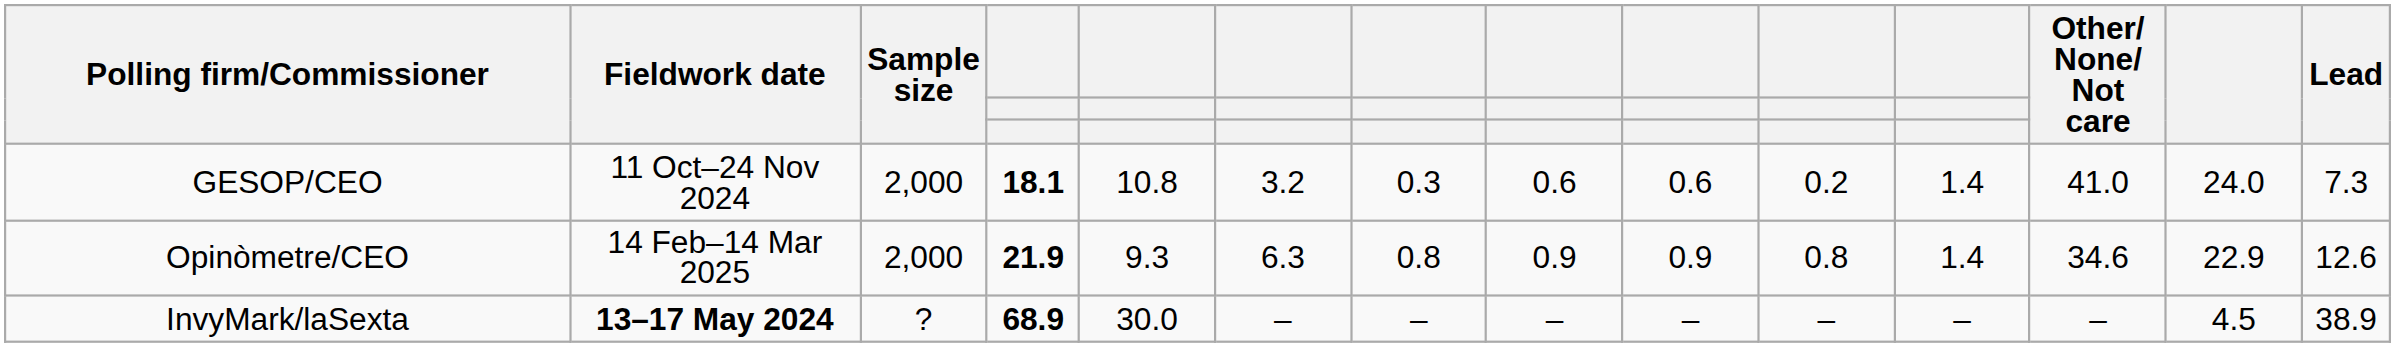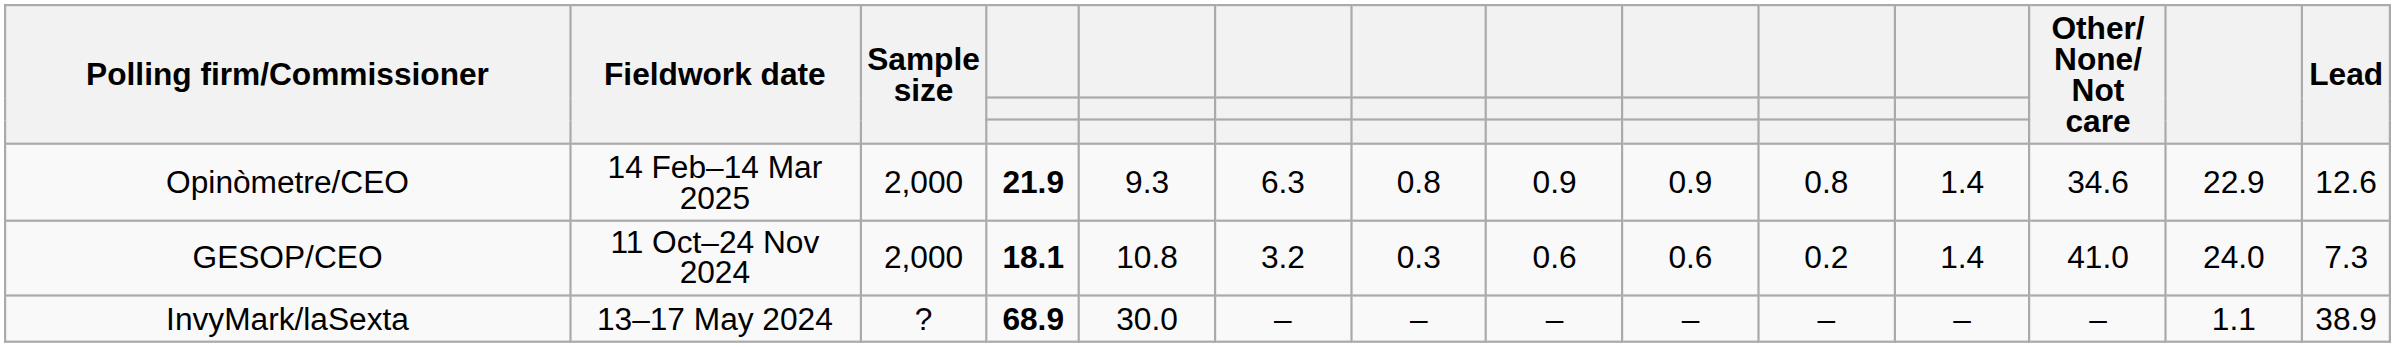 <table class="wikitable collapsible collapsed" style="text-align:center; font-size:90%; line-height:14px;">
 <tr style="height:42px;">
 <th style="width:250px;" rowspan="3">Polling firm/Commissioner</th>
 <th style="width:125px;" rowspan="3">Fieldwork date</th>
 <th style="width:50px;" rowspan="3">Sample size</th>
 <th style="width:35px;"></th>
 <th style="width:55px;"></th>
 <th style="width:55px;"></th>
 <th style="width:55px;"></th>
 <th style="width:55px;"></th>
 <th style="width:55px;"></th>
 <th style="width:55px;"></th>
 <th style="width:55px;"></th>
 <th style="width:55px;" rowspan="3">Other/<br>None/<br>Not<br>care</th>
 <th style="width:55px;" rowspan="3"></th>
 <th style="width:30px;" rowspan="3">Lead</th>
 </tr>
 <tr>
 <th style="color:inherit;background:"></th>
 <th style="color:inherit;background:"></th>
 <th style="color:inherit;background:"></th>
 <th style="color:inherit;background:"></th>
 <th style="color:inherit;background:"></th>
 <th style="color:inherit;background:"></th>
 <th style="color:inherit;background:"></th>
 <th style="color:inherit;background:"></th>
 </tr>
 <tr>
 <th></th>
 <th></th>
 <th></th>
 <th></th>
 <th></th>
 <th></th>
 <th></th>
 <th></th>
 </tr>
 <tr>
+<td>Opinòmetre/CEO</td>
+<td>14 Feb–14 Mar 2025</td>
+<td>2,000</td>
+<td><strong>21.9</strong></td>
+<td>9.3</td>
+<td>6.3</td>
+<td>0.8</td>
+<td>0.9</td>
+<td>0.9</td>
+<td>0.8</td>
+<td>1.4</td>
+<td>34.6</td>
+<td>22.9</td>
+<td style="background:">12.6</td>
+</tr>
+<tr>
 <td>GESOP/CEO</td>
 <td>11 Oct–24 Nov 2024</td>
 <td>2,000</td>
 <td><strong>18.1</strong></td>
 <td>10.8</td>
 <td>3.2</td>
 <td>0.3</td>
 <td>0.6</td>
 <td>0.6</td>
 <td>0.2</td>
 <td>1.4</td>
 <td>41.0</td>
 <td>24.0</td>
 <td style="background:">7.3</td>
 </tr>
 <tr>
-<td>Opinòmetre/CEO</td>
-<td>14 Feb–14 Mar 2025</td>
-<td>2,000</td>
-<td><strong>21.9</strong></td>
-<td>9.3</td>
-<td>6.3</td>
-<td>0.8</td>
-<td>0.9</td>
-<td>0.9</td>
-<td>0.8</td>
-<td>1.4</td>
-<td>34.6</td>
-<td>22.9</td>
-<td style="background:">12.6</td>
-</tr>
-<tr>
 <td>InvyMark/laSexta</td>
-<td><strong>13–17 May 2024</strong></td>
+<td>13–17 May 2024</td>
 <td>?</td>
 <td><strong>68.9</strong></td>
 <td>30.0</td>
 <td>–</td>
 <td>–</td>
 <td>–</td>
 <td>–</td>
 <td>–</td>
 <td>–</td>
 <td>–</td>
-<td>4.5</td>
+<td>1.1</td>
 <td style="background:">38.9</td>
 </tr>
 </table>
